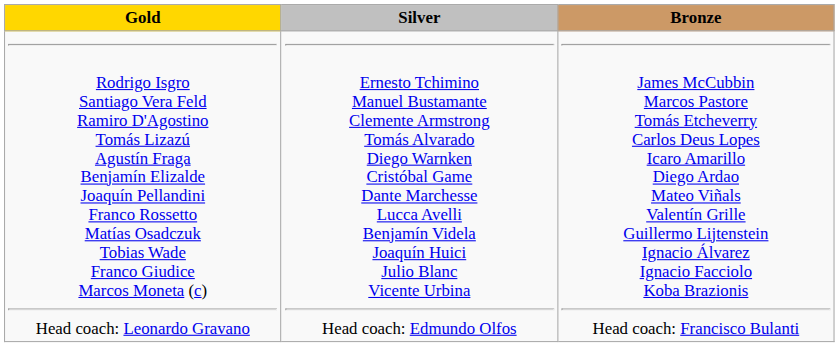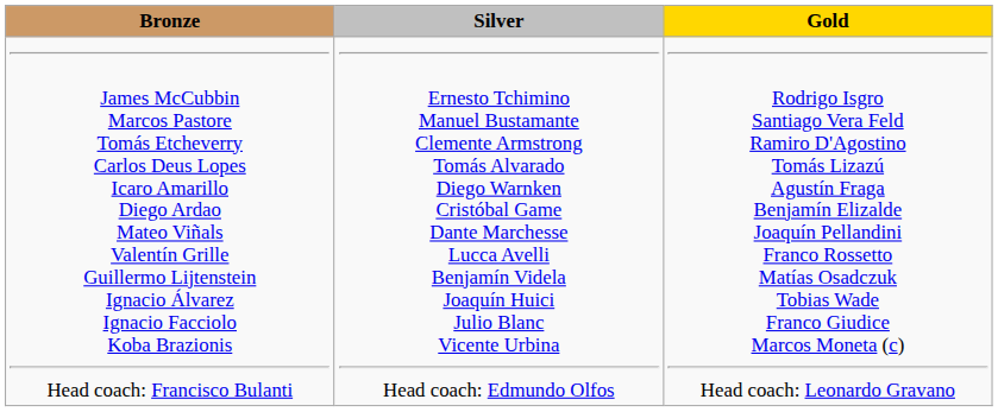 <table class="wikitable" style="text-align:center;">
 <tr>
+<td style="width: 16em;background: #CC9966"><strong>Bronze</strong></td>
+<td style="width: 16em;background: silver"><strong>Silver</strong></td>
 <td style="width: 16em;background: gold"><strong>Gold</strong></td>
-<td style="width: 16em;background: silver"><strong>Silver</strong></td>
-<td style="width: 16em;background: #CC9966"><strong>Bronze</strong></td>
 </tr>
 <tr>
+<td align=top><strong></strong><hr><br><a href='#'>James McCubbin</a><br><a href='#'>Marcos Pastore</a><br><a href='#'>Tomás Etcheverry</a><br><a href='#'>Carlos Deus Lopes</a><br><a href='#'>Icaro Amarillo</a><br><a href='#'>Diego Ardao</a><br><a href='#'>Mateo Viñals</a><br><a href='#'>Valentín Grille</a><br><a href='#'>Guillermo Lijtenstein</a><br><a href='#'>Ignacio Álvarez</a><br><a href='#'>Ignacio Facciolo</a><br><a href='#'>Koba Brazionis</a><br><hr>Head coach: <a href='#'>Francisco Bulanti</a></td>
+<td align=top><strong></strong><hr><br><a href='#'>Ernesto Tchimino</a><br><a href='#'>Manuel Bustamante</a><br><a href='#'>Clemente Armstrong</a><br><a href='#'>Tomás Alvarado</a><br><a href='#'>Diego Warnken</a><br><a href='#'>Cristóbal Game</a><br><a href='#'>Dante Marchesse</a><br><a href='#'>Lucca Avelli</a><br><a href='#'>Benjamín Videla</a><br><a href='#'>Joaquín Huici</a><br><a href='#'>Julio Blanc</a><br><a href='#'>Vicente Urbina</a><br><hr>Head coach: <a href='#'>Edmundo Olfos</a></td>
 <td align=top><strong></strong><hr><br><a href='#'>Rodrigo Isgro</a><br><a href='#'>Santiago Vera Feld</a><br><a href='#'>Ramiro D'Agostino</a><br><a href='#'>Tomás Lizazú</a><br><a href='#'>Agustín Fraga</a><br><a href='#'>Benjamín Elizalde</a><br><a href='#'>Joaquín Pellandini</a><br><a href='#'>Franco Rossetto</a><br><a href='#'>Matías Osadczuk</a><br><a href='#'>Tobias Wade</a><br><a href='#'>Franco Giudice</a><br><a href='#'>Marcos Moneta</a> (<a href='#'>c</a>)<br><hr>Head coach: <a href='#'>Leonardo Gravano</a></td>
-<td align=top><strong></strong><hr><br><a href='#'>Ernesto Tchimino</a><br><a href='#'>Manuel Bustamante</a><br><a href='#'>Clemente Armstrong</a><br><a href='#'>Tomás Alvarado</a><br><a href='#'>Diego Warnken</a><br><a href='#'>Cristóbal Game</a><br><a href='#'>Dante Marchesse</a><br><a href='#'>Lucca Avelli</a><br><a href='#'>Benjamín Videla</a><br><a href='#'>Joaquín Huici</a><br><a href='#'>Julio Blanc</a><br><a href='#'>Vicente Urbina</a><br><hr>Head coach: <a href='#'>Edmundo Olfos</a></td>
-<td align=top><strong></strong><hr><br><a href='#'>James McCubbin</a><br><a href='#'>Marcos Pastore</a><br><a href='#'>Tomás Etcheverry</a><br><a href='#'>Carlos Deus Lopes</a><br><a href='#'>Icaro Amarillo</a><br><a href='#'>Diego Ardao</a><br><a href='#'>Mateo Viñals</a><br><a href='#'>Valentín Grille</a><br><a href='#'>Guillermo Lijtenstein</a><br><a href='#'>Ignacio Álvarez</a><br><a href='#'>Ignacio Facciolo</a><br><a href='#'>Koba Brazionis</a><br><hr>Head coach: <a href='#'>Francisco Bulanti</a></td>
 </tr>
 </table>
